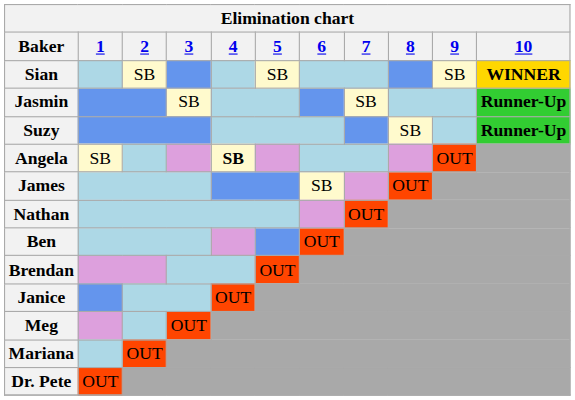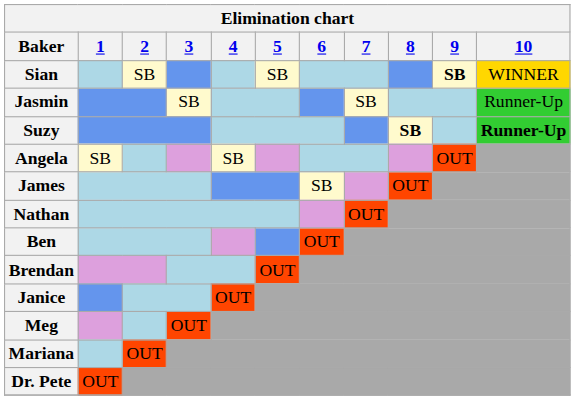 <table class="wikitable" style="text-align:center">
 <tr>
 <th colspan="11">Elimination chart</th>
 </tr>
 <tr>
 <th>Baker</th>
 <th><a href='#'>1</a></th>
 <th><a href='#'>2</a></th>
 <th><a href='#'>3</a></th>
 <th><a href='#'>4</a></th>
 <th><a href='#'>5</a></th>
 <th><a href='#'>6</a></th>
 <th><a href='#'>7</a></th>
 <th><a href='#'>8</a></th>
 <th><a href='#'>9</a></th>
 <th><a href='#'>10</a></th>
 </tr>
 <tr>
 <th>Sian</th>
 <td style="background:LightBlue;"></td>
 <td style="background:LemonChiffon;">SB</td>
 <td style="background:CornflowerBlue;"></td>
 <td style="background:LightBlue;"></td>
 <td style="background:LemonChiffon;">SB</td>
 <td colspan="2" style="background:LightBlue;"></td>
 <td style="background:CornflowerBlue;"></td>
-<td style="background:LemonChiffon;">SB</td>
-<td style="background:Gold;"><strong>WINNER</strong></td>
+<td style="background:LemonChiffon;"><strong>SB</strong></td>
+<td style="background:Gold;">WINNER</td>
 </tr>
 <tr>
 <th>Jasmin</th>
 <td colspan="2" style="background:CornflowerBlue;"></td>
 <td style="background:LemonChiffon;">SB</td>
 <td colspan="2" style="background:LightBlue;"></td>
 <td style="background:CornflowerBlue;"></td>
 <td style="background:LemonChiffon;">SB</td>
 <td colspan="2" style="background:LightBlue;"></td>
-<td style="background:LimeGreen;"><strong>Runner-Up</strong></td>
+<td style="background:LimeGreen;">Runner-Up</td>
 </tr>
 <tr>
 <th>Suzy</th>
 <td colspan="3" style="background:CornflowerBlue;"></td>
 <td colspan="3" style="background:LightBlue;"></td>
 <td style="background:CornflowerBlue;"></td>
-<td style="background:LemonChiffon;">SB</td>
+<td style="background:LemonChiffon;"><strong>SB</strong></td>
 <td style="background:LightBlue;"></td>
 <td style="background:LimeGreen;"><strong>Runner-Up</strong></td>
 </tr>
 <tr>
 <th>Angela</th>
 <td style="background:LemonChiffon">SB</td>
 <td style="background:LightBlue;"></td>
 <td style="background:Plum;"></td>
-<td style="background:LemonChiffon;"><strong>SB</strong></td>
+<td style="background:LemonChiffon;">SB</td>
 <td style="background:Plum;"></td>
 <td colspan="2" style="background:LightBlue;"></td>
 <td style="background:Plum;"></td>
 <td style="background:OrangeRed;">OUT</td>
 <td colspan="7" style="background:DarkGrey;"></td>
 </tr>
 <tr>
 <th>James</th>
 <td colspan="3" style="background:LightBlue;"></td>
 <td colspan="2" style="background:CornflowerBlue;"></td>
 <td style="background:LemonChiffon;">SB</td>
 <td style="background:Plum;"></td>
 <td style="background:OrangeRed">OUT</td>
 <td colspan="6" style="background:DarkGrey;"></td>
 </tr>
 <tr>
 <th>Nathan</th>
 <td colspan="5" style="background:LightBlue;"></td>
 <td style="background:Plum;"></td>
 <td style="background:OrangeRed;">OUT</td>
 <td colspan="4" style="background:DarkGrey;"></td>
 </tr>
 <tr>
 <th>Ben</th>
 <td colspan="3" style="background:LightBlue;"></td>
 <td style="background:Plum;"></td>
 <td style="background:CornflowerBlue;"></td>
 <td style="background:OrangeRed;">OUT</td>
 <td colspan="5" style="background:DarkGrey;"></td>
 </tr>
 <tr>
 <th>Brendan</th>
 <td colspan="2" style="background:Plum;"></td>
 <td colspan="2" style="background:LightBlue;"></td>
 <td style="background:OrangeRed;">OUT</td>
 <td colspan="6" style="background:DarkGrey;"></td>
 </tr>
 <tr>
 <th>Janice</th>
 <td style="background:CornflowerBlue;"></td>
 <td colspan="2" style="background:LightBlue;"></td>
 <td style="background:OrangeRed;">OUT</td>
 <td colspan="7" style="background:DarkGrey;"></td>
 </tr>
 <tr>
 <th>Meg</th>
 <td style="background:Plum;"></td>
 <td style="background:LightBlue;"></td>
 <td style="background:OrangeRed;">OUT</td>
 <td colspan="8" style="background:DarkGrey;"></td>
 </tr>
 <tr>
 <th>Mariana</th>
 <td style="background:LightBlue;"></td>
 <td style="background:OrangeRed;">OUT</td>
 <td colspan="9" style="background:DarkGrey;"></td>
 </tr>
 <tr>
 <th>Dr. Pete</th>
 <td style="background:OrangeRed;">OUT</td>
 <td colspan="9" style="background:DarkGrey;"></td>
 </tr>
 <tr>
 </tr>
 </table>
